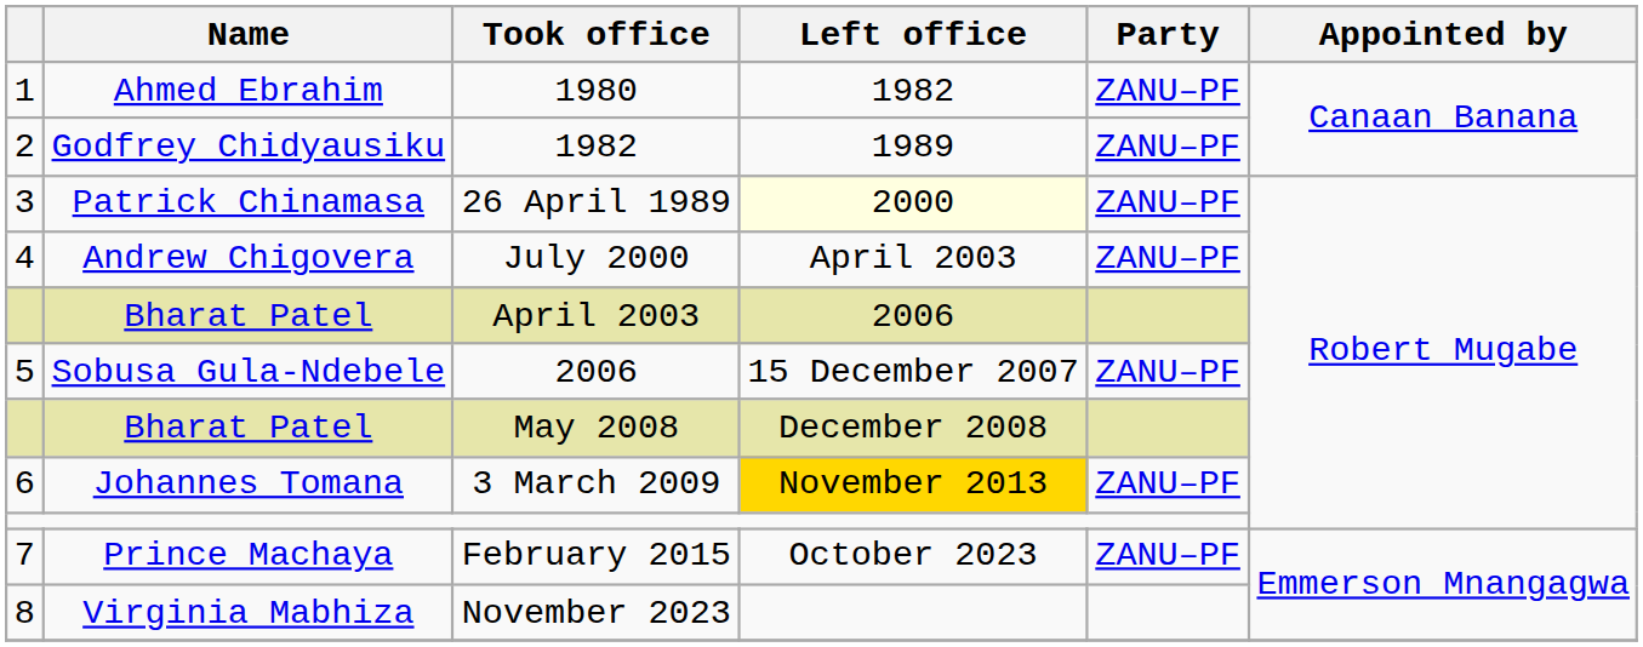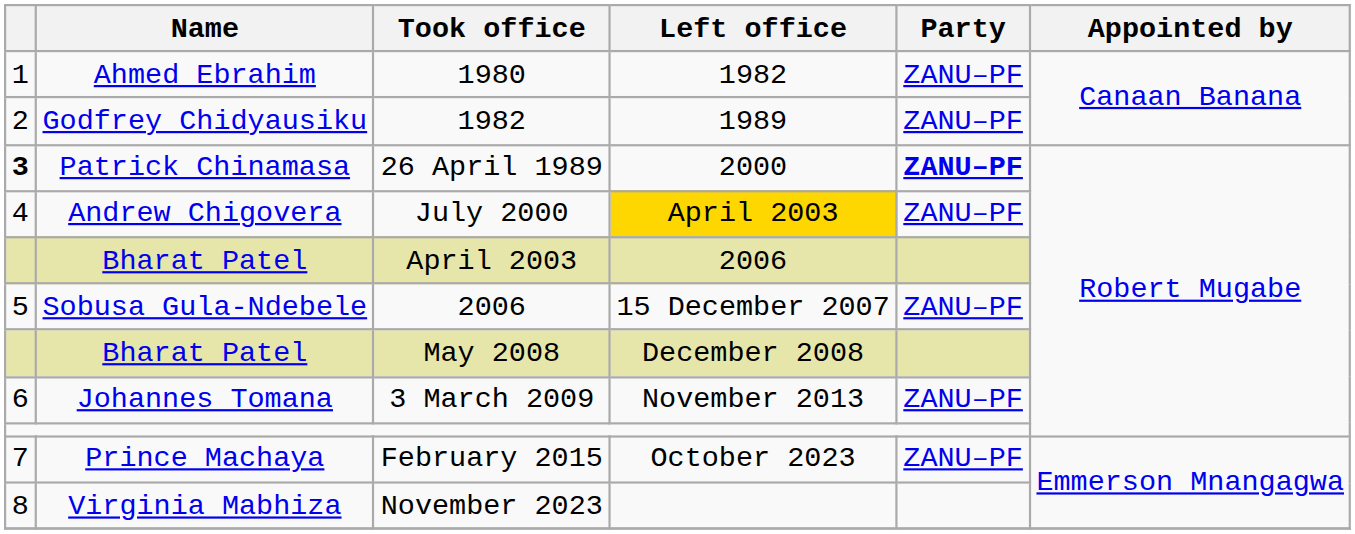 <table class="wikitable" style="clear:right; text-align:center">
 <tr>
 <th></th>
 <th>Name</th>
 <th>Took office</th>
 <th>Left office</th>
 <th>Party</th>
 <th>Appointed by</th>
 </tr>
 <tr>
 <td>1</td>
 <td><a href='#'>Ahmed Ebrahim</a></td>
 <td>1980</td>
 <td>1982</td>
 <td><a href='#'>ZANU–PF</a></td>
 <td rowspan="2"><a href='#'>Canaan Banana</a></td>
 </tr>
 <tr>
 <td>2</td>
 <td><a href='#'>Godfrey Chidyausiku</a></td>
 <td>1982</td>
 <td>1989</td>
 <td><a href='#'>ZANU–PF</a></td>
 </tr>
 <tr>
-<td>3</td>
+<td><strong>3</strong></td>
 <td><a href='#'>Patrick Chinamasa</a></td>
 <td>26 April 1989</td>
-<td style="background: lightyellow;">2000</td>
-<td><a href='#'>ZANU–PF</a></td>
+<td>2000</td>
+<td><strong><a href='#'>ZANU–PF</a></strong></td>
 <td rowspan="8"><a href='#'>Robert Mugabe</a></td>
 </tr>
 <tr>
 <td>4</td>
 <td><a href='#'>Andrew Chigovera</a></td>
 <td>July 2000</td>
-<td>April 2003</td>
+<td style="background: gold;">April 2003</td>
 <td><a href='#'>ZANU–PF</a></td>
 </tr>
 <tr>
 <th style="background: #E6E6AA;"></th>
 <td bgcolor="#E6E6AA"><a href='#'>Bharat Patel</a><br></td>
 <td bgcolor="#E6E6AA">April 2003</td>
 <td bgcolor="#E6E6AA">2006</td>
 <td bgcolor="#E6E6AA"></td>
 </tr>
 <tr>
 <td>5</td>
 <td><a href='#'>Sobusa Gula-Ndebele</a></td>
 <td>2006</td>
 <td>15 December 2007</td>
 <td><a href='#'>ZANU–PF</a></td>
 </tr>
 <tr>
 <th style="background: #E6E6AA;"></th>
 <td bgcolor="#E6E6AA"><a href='#'>Bharat Patel</a><br></td>
 <td bgcolor="#E6E6AA">May 2008</td>
 <td bgcolor="#E6E6AA">December 2008</td>
 <td bgcolor="#E6E6AA"></td>
 </tr>
 <tr>
 <td>6</td>
 <td><a href='#'>Johannes Tomana</a></td>
 <td>3 March 2009</td>
-<td style="background: gold;">November 2013</td>
+<td>November 2013</td>
 <td><a href='#'>ZANU–PF</a></td>
 </tr>
 <tr>
 <td colspan="5"></td>
 </tr>
 <tr>
 <td rowspan="2">7</td>
 <td rowspan="2"><a href='#'>Prince Machaya</a></td>
 <td rowspan="2">February 2015</td>
 <td rowspan="2">October 2023</td>
 <td rowspan="2"><a href='#'>ZANU–PF</a></td>
 </tr>
 <tr>
 <td rowspan="2"><a href='#'>Emmerson Mnangagwa</a></td>
 </tr>
 <tr>
 <td>8</td>
 <td><a href='#'>Virginia Mabhiza</a></td>
 <td>November 2023</td>
 <td></td>
 <td></td>
 </tr>
 <tr>
 </tr>
 </table>
